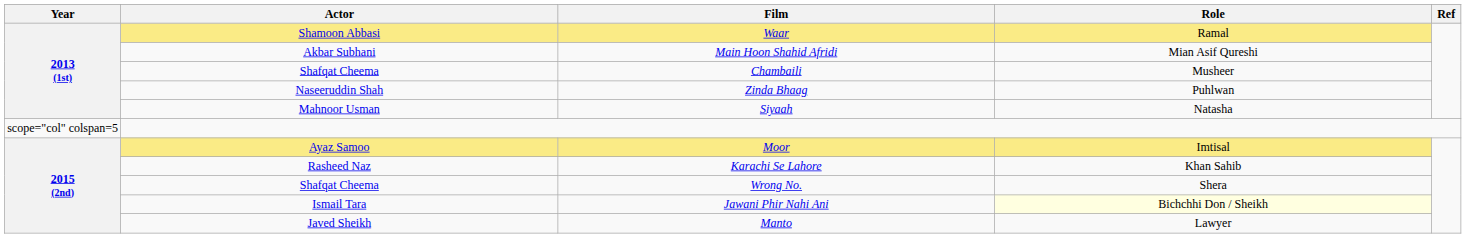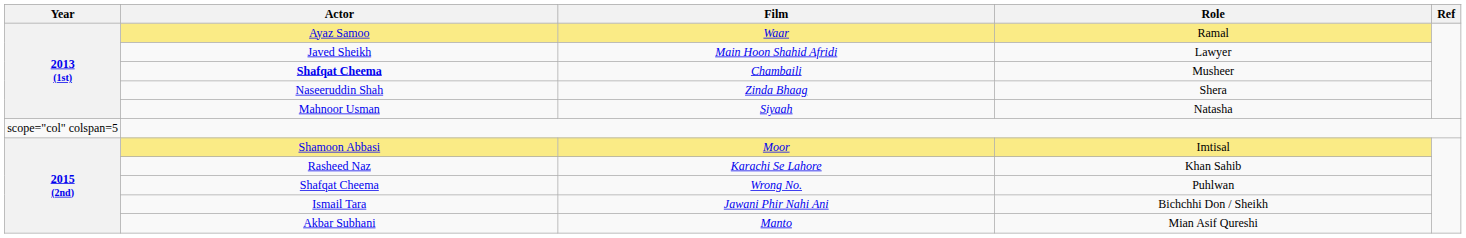 <table class="wikitable" style="text-align:center;">
 <tr style="background:#bebebe;">
 <th scope="col" style="width:8%;">Year</th>
 <th scope="col" style="width:30%;">Actor</th>
 <th scope="col" style="width:30%;">Film</th>
 <th scope="col" style="width:30%;">Role</th>
 <th scope="col" style="width:2%;">Ref</th>
 </tr>
 <tr>
 <th scope="row" rowspan=5 style="text-align:center"><strong><a href='#'>2013</a></strong><br><small><a href='#'>(1st)</a></small></th>
-<td style="background:#FAEB86"><a href='#'>Shamoon Abbasi</a></td>
+<td style="background:#FAEB86"><a href='#'>Ayaz Samoo</a></td>
 <td style="background:#FAEB86"><em><a href='#'>Waar</a></em></td>
 <td style="background:#FAEB86">Ramal</td>
 <td rowspan=5></td>
 </tr>
 <tr>
-<td><a href='#'>Akbar Subhani</a></td>
+<td><a href='#'>Javed Sheikh</a></td>
 <td><em><a href='#'>Main Hoon Shahid Afridi</a></em></td>
-<td>Mian Asif Qureshi</td>
+<td>Lawyer</td>
 </tr>
 <tr>
-<td><a href='#'>Shafqat Cheema</a></td>
+<td><strong><a href='#'>Shafqat Cheema</a></strong></td>
 <td><em><a href='#'>Chambaili</a></em></td>
 <td>Musheer</td>
 </tr>
 <tr>
 <td><a href='#'>Naseeruddin Shah</a></td>
 <td><em><a href='#'>Zinda Bhaag</a></em></td>
-<td>Puhlwan</td>
+<td>Shera</td>
 </tr>
 <tr>
 <td><a href='#'>Mahnoor Usman</a></td>
 <td><em><a href='#'>Siyaah</a></em></td>
 <td>Natasha</td>
 </tr>
 <tr>
 <td>scope="col" colspan=5 </td>
 </tr>
 <tr>
 <th scope="row" rowspan=5 style="text-align:center"><strong><a href='#'>2015</a></strong><br><small><a href='#'>(2nd)</a></small></th>
-<td style="background:#FAEB86"><a href='#'>Ayaz Samoo</a></td>
+<td style="background:#FAEB86"><a href='#'>Shamoon Abbasi</a></td>
 <td style="background:#FAEB86"><em><a href='#'>Moor</a></em></td>
 <td style="background:#FAEB86">Imtisal</td>
 <td rowspan=5></td>
 </tr>
 <tr>
 <td><a href='#'>Rasheed Naz</a></td>
 <td><em><a href='#'>Karachi Se Lahore</a></em></td>
 <td>Khan Sahib</td>
 </tr>
 <tr>
 <td><a href='#'>Shafqat Cheema</a></td>
 <td><em><a href='#'>Wrong No.</a></em></td>
-<td>Shera</td>
+<td>Puhlwan</td>
 </tr>
 <tr>
 <td><a href='#'>Ismail Tara</a></td>
 <td><em><a href='#'>Jawani Phir Nahi Ani</a></em></td>
-<td style="background: lightyellow;">Bichchhi Don / Sheikh</td>
+<td>Bichchhi Don / Sheikh</td>
 </tr>
 <tr>
-<td><a href='#'>Javed Sheikh</a></td>
+<td><a href='#'>Akbar Subhani</a></td>
 <td><em><a href='#'>Manto</a></em></td>
-<td>Lawyer</td>
+<td>Mian Asif Qureshi</td>
 </tr>
 </table>
